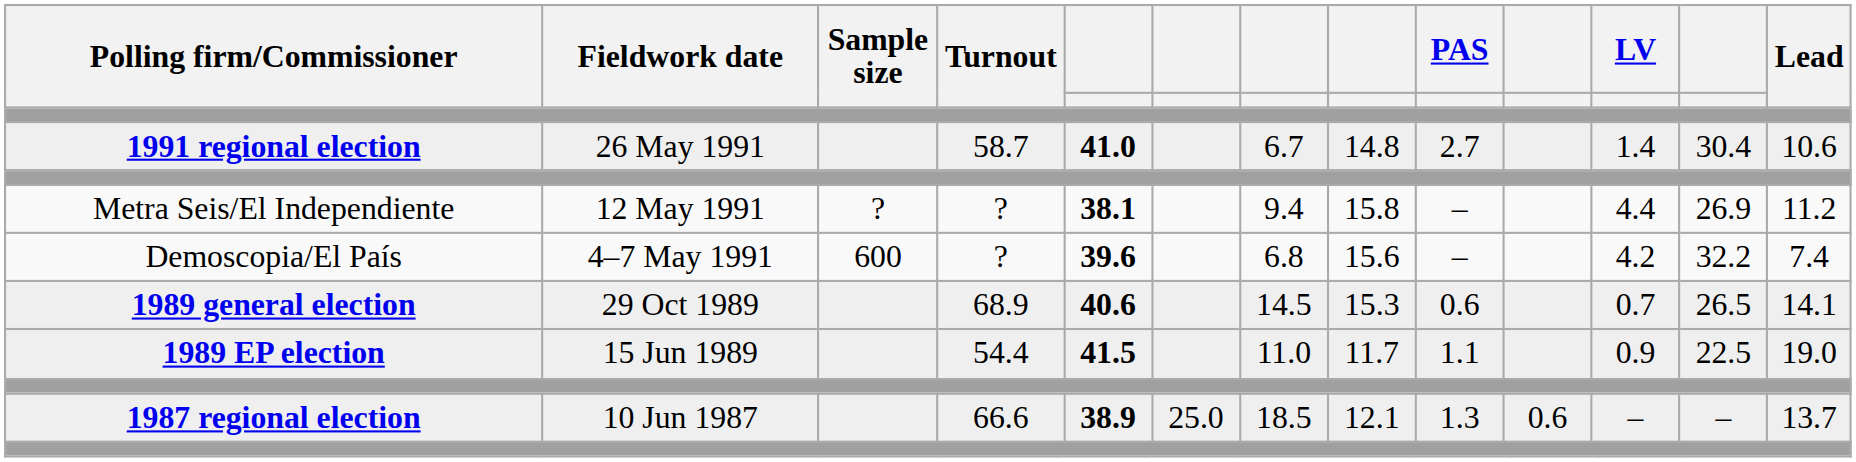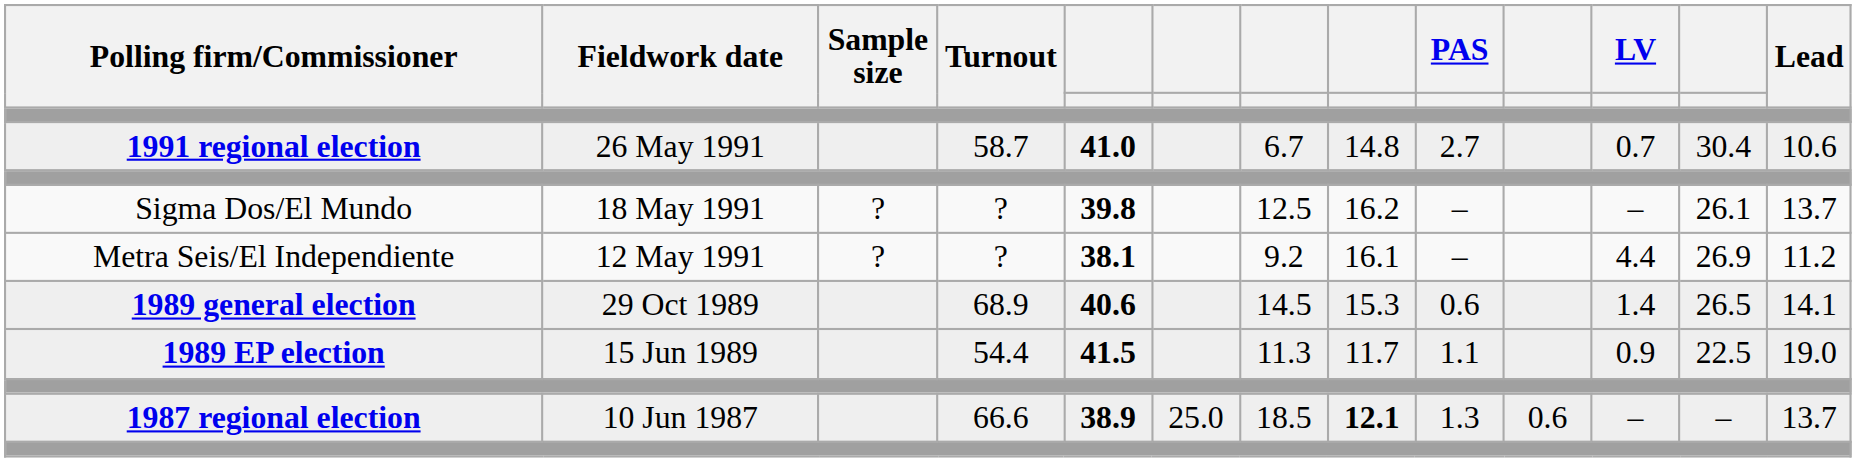 <table class="wikitable collapsible collapsed" style="text-align:center; font-size:95%; line-height:16px;">
 <tr style="height:42px;">
 <th style="width:250px;" rowspan="2">Polling firm/Commissioner</th>
 <th style="width:125px;" rowspan="2">Fieldwork date</th>
 <th style="width:50px;" rowspan="2">Sample size</th>
 <th style="width:45px;" rowspan="2">Turnout</th>
 <th style="width:35px;"></th>
 <th style="width:35px;"></th>
 <th style="width:35px;"></th>
 <th style="width:35px;"></th>
 <th style="width:35px;"><a href='#'>PAS</a></th>
 <th style="width:35px;"></th>
 <th style="width:35px;"><a href='#'>LV</a></th>
 <th style="width:35px;"></th>
 <th style="width:30px;" rowspan="2">Lead</th>
 </tr>
 <tr>
 <th style="color:inherit;background:"></th>
 <th style="color:inherit;background:"></th>
 <th style="color:inherit;background:"></th>
 <th style="color:inherit;background:"></th>
 <th style="color:inherit;background:"></th>
 <th style="color:inherit;background:"></th>
 <th style="color:inherit;background:"></th>
 <th style="color:inherit;background:"></th>
 </tr>
 <tr>
 <td colspan="13" style="background:#A0A0A0"></td>
 </tr>
 <tr style="background:#EFEFEF;">
 <td><strong><a href='#'>1991 regional election</a></strong></td>
 <td>26 May 1991</td>
 <td></td>
 <td>58.7</td>
 <td><strong>41.0</strong><br></td>
 <td></td>
 <td>6.7<br></td>
 <td>14.8<br></td>
 <td>2.7<br></td>
 <td></td>
-<td>1.4<br></td>
+<td>0.7</td>
 <td>30.4<br></td>
 <td style="background:">10.6</td>
 </tr>
 <tr>
 <td colspan="13" style="background:#A0A0A0"></td>
+</tr>
+<tr>
+<td>Sigma Dos/El Mundo</td>
+<td>18 May 1991</td>
+<td>?</td>
+<td>?</td>
+<td><strong>39.8</strong><br></td>
+<td></td>
+<td>12.5<br></td>
+<td>16.2<br></td>
+<td>–</td>
+<td></td>
+<td>–</td>
+<td>26.1<br></td>
+<td style="background:">13.7</td>
 </tr>
 <tr>
 <td>Metra Seis/El Independiente</td>
 <td>12 May 1991</td>
 <td>?</td>
 <td>?</td>
 <td><strong>38.1</strong><br></td>
 <td></td>
-<td>9.4<br></td>
-<td>15.8<br></td>
+<td>9.2<br></td>
+<td>16.1<br></td>
 <td>–</td>
 <td></td>
 <td>4.4<br></td>
 <td>26.9<br></td>
 <td style="background:">11.2</td>
-</tr>
-<tr>
-<td>Demoscopia/El País</td>
-<td>4–7 May 1991</td>
-<td>600</td>
-<td>?</td>
-<td><strong>39.6</strong><br></td>
-<td></td>
-<td>6.8<br></td>
-<td>15.6<br></td>
-<td>–</td>
-<td></td>
-<td>4.2<br></td>
-<td>32.2<br></td>
-<td style="background:">7.4</td>
 </tr>
 <tr style="background:#EFEFEF;">
 <td><strong><a href='#'>1989 general election</a></strong></td>
 <td>29 Oct 1989</td>
 <td></td>
 <td>68.9</td>
 <td><strong>40.6</strong></td>
 <td></td>
 <td>14.5</td>
 <td>15.3</td>
 <td>0.6</td>
 <td></td>
-<td>0.7</td>
+<td>1.4<br></td>
 <td>26.5</td>
 <td style="background:">14.1</td>
 </tr>
 <tr style="background:#EFEFEF;">
 <td><strong><a href='#'>1989 EP election</a></strong></td>
 <td>15 Jun 1989</td>
 <td></td>
 <td>54.4</td>
 <td><strong>41.5</strong></td>
 <td></td>
-<td>11.0</td>
+<td>11.3</td>
 <td>11.7</td>
 <td>1.1</td>
 <td></td>
 <td>0.9</td>
 <td>22.5</td>
 <td style="background:">19.0</td>
 </tr>
 <tr>
 <td colspan="13" style="background:#A0A0A0"></td>
 </tr>
 <tr style="background:#EFEFEF;">
 <td><strong><a href='#'>1987 regional election</a></strong></td>
 <td>10 Jun 1987</td>
 <td></td>
 <td>66.6</td>
 <td><strong>38.9</strong><br></td>
 <td>25.0<br></td>
 <td>18.5<br></td>
-<td>12.1<br></td>
+<td><strong>12.1<br></strong></td>
 <td>1.3<br></td>
 <td>0.6<br></td>
 <td>–</td>
 <td>–</td>
 <td style="background:">13.7</td>
 </tr>
 <tr>
 <td colspan="13" style="background:#A0A0A0"></td>
 </tr>
 </table>
